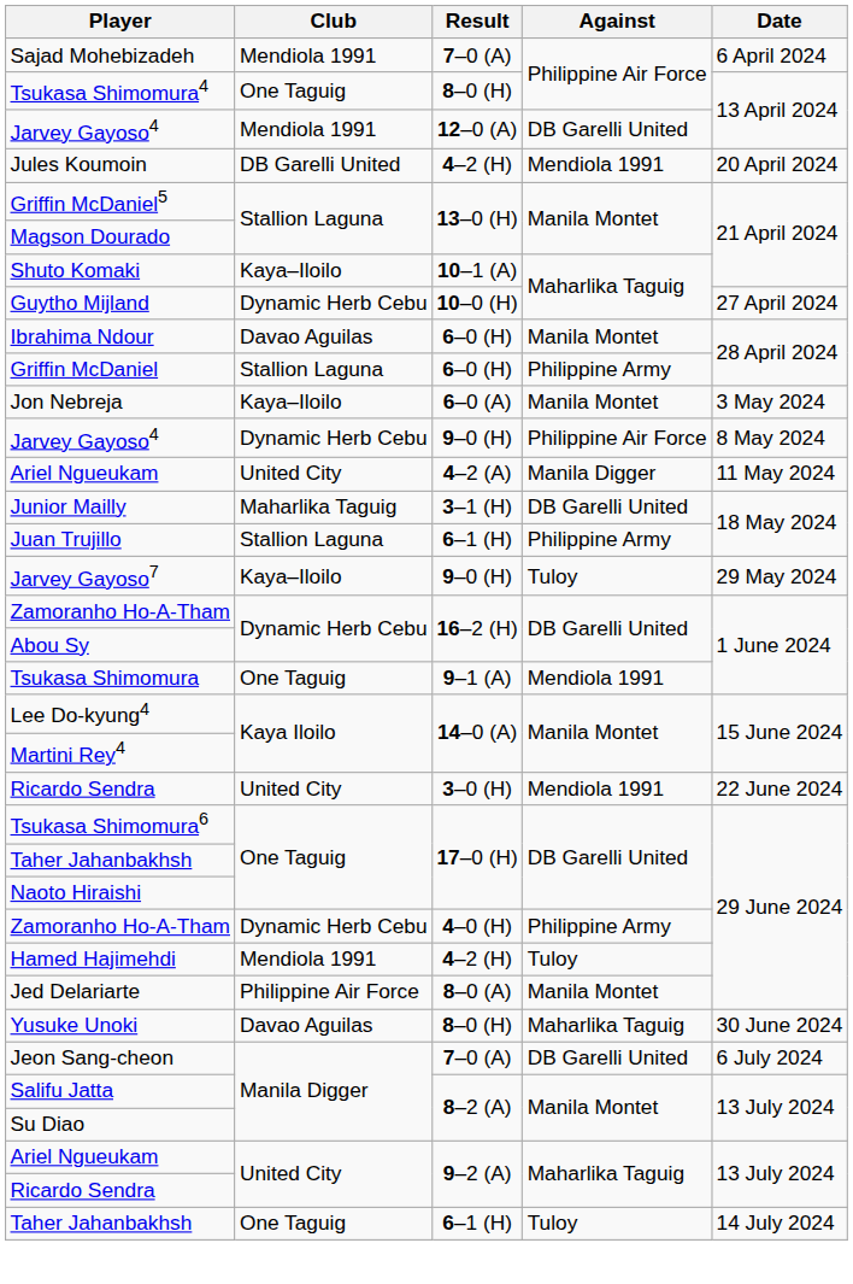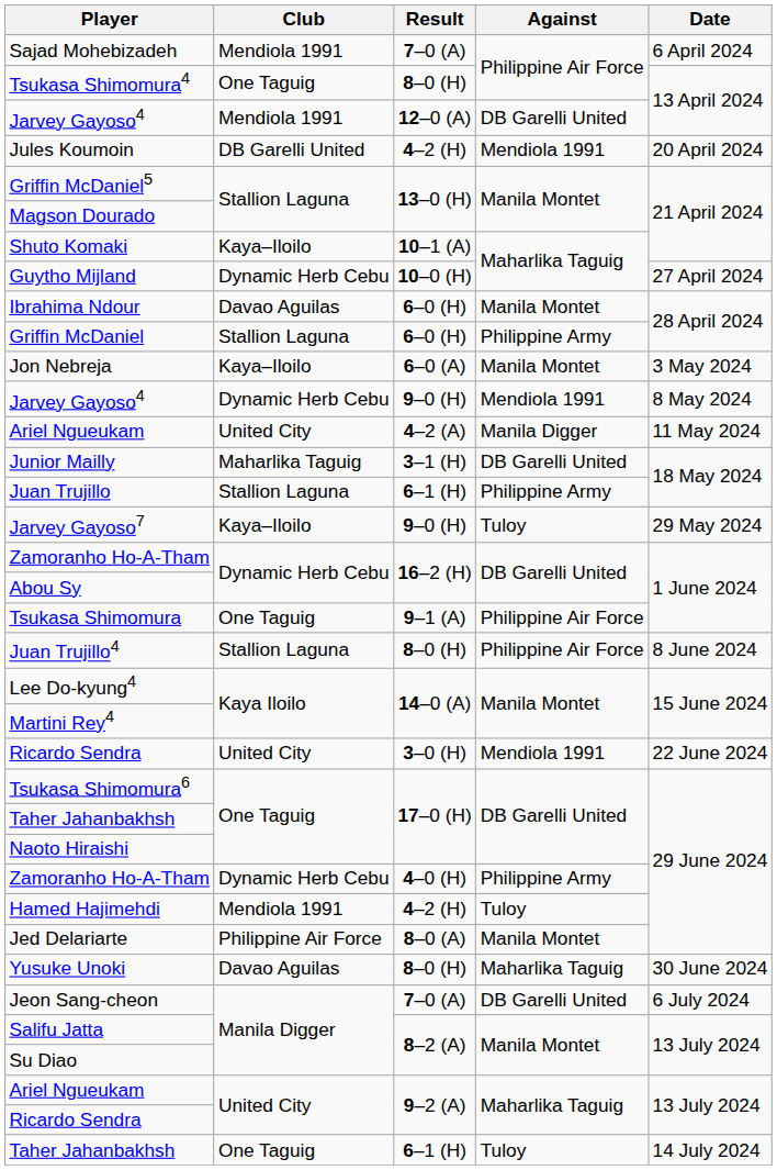 <table class="wikitable sortable">
 <tr>
 <th>Player</th>
 <th>Club</th>
 <th>Result</th>
 <th>Against</th>
 <th>Date</th>
 </tr>
 <tr>
 <td> Sajad Mohebizadeh</td>
 <td>Mendiola 1991</td>
 <td align="center"><strong>7</strong>–0 (A)</td>
 <td rowspan="2">Philippine Air Force</td>
 <td>6 April 2024</td>
 </tr>
 <tr>
 <td> <a href='#'>Tsukasa Shimomura</a><sup>4</sup></td>
 <td>One Taguig</td>
 <td align="center"><strong>8</strong>–0 (H)</td>
 <td rowspan="2">13 April 2024</td>
 </tr>
 <tr>
 <td> <a href='#'>Jarvey Gayoso</a><sup>4</sup></td>
 <td>Mendiola 1991</td>
 <td align="center"><strong>12</strong>–0 (A)</td>
 <td>DB Garelli United</td>
 </tr>
 <tr>
 <td> Jules Koumoin</td>
 <td>DB Garelli United</td>
 <td align="center"><strong>4</strong>–2 (H)</td>
 <td>Mendiola 1991</td>
 <td>20 April 2024</td>
 </tr>
 <tr>
 <td> <a href='#'>Griffin McDaniel</a><sup>5</sup></td>
 <td rowspan="2">Stallion Laguna</td>
 <td rowspan="2" align="center"><strong>13</strong>–0 (H)</td>
 <td rowspan="2">Manila Montet</td>
 <td rowspan="3">21 April 2024</td>
 </tr>
 <tr>
 <td> <a href='#'>Magson Dourado</a></td>
 </tr>
 <tr>
 <td> <a href='#'>Shuto Komaki</a></td>
 <td>Kaya–Iloilo</td>
 <td align="center"><strong>10</strong>–1 (A)</td>
 <td rowspan="2">Maharlika Taguig</td>
 </tr>
 <tr>
 <td> <a href='#'>Guytho Mijland</a></td>
 <td>Dynamic Herb Cebu</td>
 <td align="center"><strong>10</strong>–0 (H)</td>
 <td>27 April 2024</td>
 </tr>
 <tr>
 <td> <a href='#'>Ibrahima Ndour</a></td>
 <td>Davao Aguilas</td>
 <td align="center"><strong>6</strong>–0 (H)</td>
 <td>Manila Montet</td>
 <td rowspan="2">28 April 2024</td>
 </tr>
 <tr>
 <td> <a href='#'>Griffin McDaniel</a></td>
 <td>Stallion Laguna</td>
 <td align="center"><strong>6</strong>–0 (H)</td>
 <td>Philippine Army</td>
 </tr>
 <tr>
 <td> Jon Nebreja</td>
 <td>Kaya–Iloilo</td>
 <td align="center"><strong>6</strong>–0 (A)</td>
 <td>Manila Montet</td>
 <td>3 May 2024</td>
 </tr>
 <tr>
 <td> <a href='#'>Jarvey Gayoso</a><sup>4</sup></td>
 <td>Dynamic Herb Cebu</td>
 <td align="center"><strong>9</strong>–0 (H)</td>
-<td>Philippine Air Force</td>
+<td>Mendiola 1991</td>
 <td>8 May 2024</td>
 </tr>
 <tr>
 <td> <a href='#'>Ariel Ngueukam</a></td>
 <td>United City</td>
 <td align="center"><strong>4</strong>–2 (A)</td>
 <td>Manila Digger</td>
 <td>11 May 2024</td>
 </tr>
 <tr>
 <td> <a href='#'>Junior Mailly</a></td>
 <td>Maharlika Taguig</td>
 <td align="center"><strong>3</strong>–1 (H)</td>
 <td>DB Garelli United</td>
 <td rowspan="2">18 May 2024</td>
 </tr>
 <tr>
 <td> <a href='#'>Juan Trujillo</a></td>
 <td>Stallion Laguna</td>
 <td align="center"><strong>6</strong>–1 (H)</td>
 <td>Philippine Army</td>
 </tr>
 <tr>
 <td> <a href='#'>Jarvey Gayoso</a><sup>7</sup></td>
 <td>Kaya–Iloilo</td>
 <td align="center"><strong>9</strong>–0 (H)</td>
 <td>Tuloy</td>
 <td>29 May 2024</td>
 </tr>
 <tr>
 <td> <a href='#'>Zamoranho Ho-A-Tham</a></td>
 <td rowspan="2">Dynamic Herb Cebu</td>
 <td rowspan="2" align="center"><strong>16</strong>–2 (H)</td>
 <td rowspan="2">DB Garelli United</td>
 <td rowspan="3">1 June 2024</td>
 </tr>
 <tr>
 <td> <a href='#'>Abou Sy</a></td>
 </tr>
 <tr>
 <td> <a href='#'>Tsukasa Shimomura</a></td>
 <td>One Taguig</td>
 <td align="center"><strong>9</strong>–1 (A)</td>
-<td>Mendiola 1991</td>
+<td>Philippine Air Force</td>
+</tr>
+<tr>
+<td> <a href='#'>Juan Trujillo</a><sup>4</sup></td>
+<td>Stallion Laguna</td>
+<td align="center"><strong>8</strong>–0 (H)</td>
+<td>Philippine Air Force</td>
+<td>8 June 2024</td>
 </tr>
 <tr>
 <td> Lee Do-kyung<sup>4</sup></td>
 <td rowspan="2">Kaya Iloilo</td>
 <td rowspan="2" align="center"><strong>14</strong>–0 (A)</td>
 <td rowspan="2">Manila Montet</td>
 <td rowspan="2">15 June 2024</td>
 </tr>
 <tr>
 <td> <a href='#'>Martini Rey</a><sup>4</sup></td>
 </tr>
 <tr>
 <td> <a href='#'>Ricardo Sendra</a></td>
 <td>United City</td>
 <td align="center"><strong>3</strong>–0 (H)</td>
 <td>Mendiola 1991</td>
 <td>22 June 2024</td>
 </tr>
 <tr>
 <td> <a href='#'>Tsukasa Shimomura</a><sup>6</sup></td>
 <td rowspan="3">One Taguig</td>
 <td rowspan="3" align="center"><strong>17</strong>–0 (H)</td>
 <td rowspan="3">DB Garelli United</td>
 <td rowspan="6">29 June 2024</td>
 </tr>
 <tr>
 <td> <a href='#'>Taher Jahanbakhsh</a></td>
 </tr>
 <tr>
 <td> <a href='#'>Naoto Hiraishi</a></td>
 </tr>
 <tr>
 <td> <a href='#'>Zamoranho Ho-A-Tham</a></td>
 <td>Dynamic Herb Cebu</td>
 <td align="center"><strong>4</strong>–0 (H)</td>
 <td>Philippine Army</td>
 </tr>
 <tr>
 <td> <a href='#'>Hamed Hajimehdi</a></td>
 <td>Mendiola 1991</td>
 <td align="center"><strong>4</strong>–2 (H)</td>
 <td>Tuloy</td>
 </tr>
 <tr>
 <td> Jed Delariarte</td>
 <td>Philippine Air Force</td>
 <td align="center"><strong>8</strong>–0 (A)</td>
 <td>Manila Montet</td>
 </tr>
 <tr>
 <td> <a href='#'>Yusuke Unoki</a></td>
 <td>Davao Aguilas</td>
 <td align="center"><strong>8</strong>–0 (H)</td>
 <td>Maharlika Taguig</td>
 <td>30 June 2024</td>
 </tr>
 <tr>
 <td> Jeon Sang-cheon</td>
 <td rowspan="3">Manila Digger</td>
 <td align="center"><strong>7</strong>–0 (A)</td>
 <td>DB Garelli United</td>
 <td>6 July 2024</td>
 </tr>
 <tr>
 <td> <a href='#'>Salifu Jatta</a></td>
 <td rowspan="2" align="center"><strong>8</strong>–2 (A)</td>
 <td rowspan="2">Manila Montet</td>
 <td rowspan="2">13 July 2024</td>
 </tr>
 <tr>
 <td> Su Diao</td>
 </tr>
 <tr>
 <td> <a href='#'>Ariel Ngueukam</a></td>
 <td rowspan="2">United City</td>
 <td rowspan="2" align="center"><strong>9</strong>–2 (A)</td>
 <td rowspan="2">Maharlika Taguig</td>
 <td rowspan="2">13 July 2024</td>
 </tr>
 <tr>
 <td> <a href='#'>Ricardo Sendra</a></td>
 </tr>
 <tr>
 <td> <a href='#'>Taher Jahanbakhsh</a></td>
 <td>One Taguig</td>
 <td align="center"><strong>6</strong>–1 (H)</td>
 <td>Tuloy</td>
 <td>14 July 2024</td>
 </tr>
 </table>
